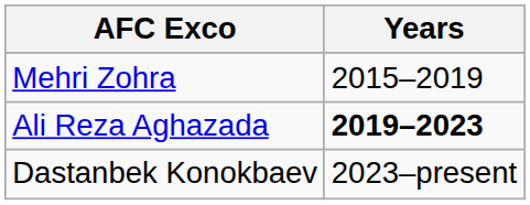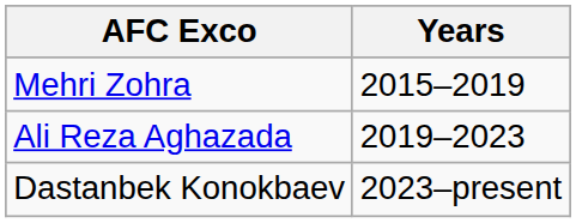 <table class="wikitable">
 <tr>
 <th>AFC Exco</th>
 <th>Years</th>
 </tr>
 <tr>
 <td> <a href='#'>Mehri Zohra</a></td>
 <td>2015–2019</td>
 </tr>
 <tr>
 <td> <a href='#'>Ali Reza Aghazada</a></td>
-<td><strong>2019–2023</strong></td>
+<td>2019–2023</td>
 </tr>
 <tr>
 <td> Dastanbek Konokbaev</td>
 <td>2023–present</td>
 </tr>
 </table>
